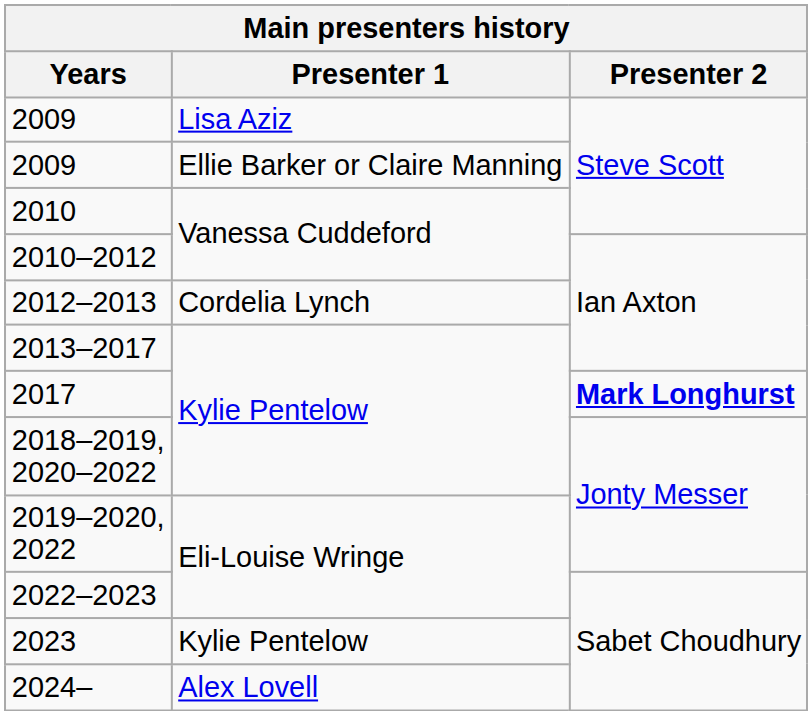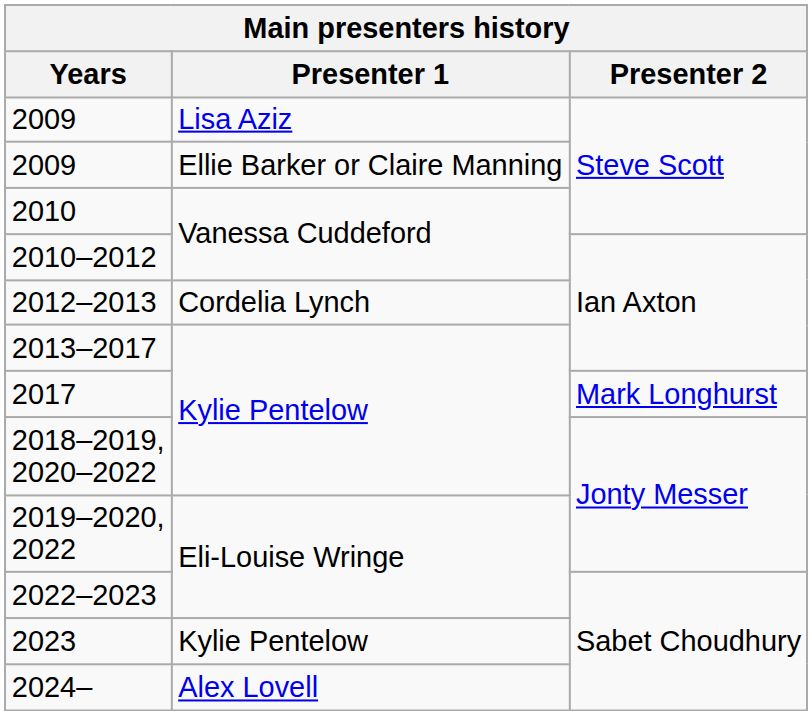 <table class="wikitable collapsible collapsed" style="font-size:90%;">
 <tr>
 <th colspan=5>Main presenters history</th>
 </tr>
 <tr>
 <th>Years</th>
 <th>Presenter 1</th>
 <th>Presenter 2</th>
 </tr>
 <tr>
 <td>2009</td>
 <td><a href='#'>Lisa Aziz</a></td>
 <td rowspan=3><a href='#'>Steve Scott</a></td>
 </tr>
 <tr>
 <td>2009</td>
 <td>Ellie Barker or Claire Manning</td>
 </tr>
 <tr>
 <td>2010</td>
 <td rowspan=2>Vanessa Cuddeford</td>
 </tr>
 <tr>
 <td>2010–2012</td>
 <td rowspan=3>Ian Axton</td>
 </tr>
 <tr>
 <td>2012–2013</td>
 <td>Cordelia Lynch</td>
 </tr>
 <tr>
 <td>2013–2017</td>
 <td rowspan=3><a href='#'>Kylie Pentelow</a></td>
 </tr>
 <tr>
 <td>2017</td>
-<td><strong><a href='#'>Mark Longhurst</a></strong></td>
+<td><a href='#'>Mark Longhurst</a></td>
 </tr>
 <tr>
 <td>2018–2019,<br>2020–2022</td>
 <td rowspan=2><a href='#'>Jonty Messer</a></td>
 </tr>
 <tr>
 <td>2019–2020,<br>2022</td>
 <td rowspan=2>Eli-Louise Wringe</td>
 </tr>
 <tr>
 <td>2022–2023</td>
 <td rowspan=3>Sabet Choudhury</td>
 </tr>
 <tr>
 <td>2023</td>
 <td>Kylie Pentelow</td>
 </tr>
 <tr>
 <td>2024–</td>
 <td><a href='#'>Alex Lovell</a></td>
 </tr>
 </table>
